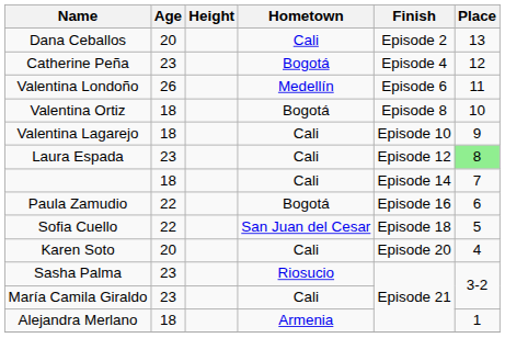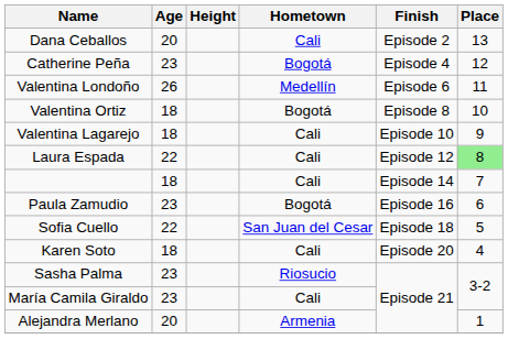 <table class="wikitable sortable" style="text-align:center;">
 <tr>
 <th>Name</th>
 <th>Age</th>
 <th>Height</th>
 <th>Hometown</th>
 <th>Finish</th>
 <th>Place</th>
 </tr>
 <tr>
 <td>Dana Ceballos</td>
 <td>20</td>
 <td></td>
 <td><a href='#'>Cali</a></td>
 <td>Episode 2</td>
 <td>13</td>
 </tr>
 <tr>
 <td>Catherine Peña</td>
 <td>23</td>
 <td></td>
 <td><a href='#'>Bogotá</a></td>
 <td>Episode 4</td>
 <td>12</td>
 </tr>
 <tr>
 <td>Valentina Londoño</td>
 <td>26</td>
 <td></td>
 <td><a href='#'>Medellín</a></td>
 <td>Episode 6</td>
 <td>11</td>
 </tr>
 <tr>
 <td>Valentina Ortiz</td>
 <td>18</td>
 <td></td>
 <td>Bogotá</td>
 <td>Episode 8</td>
 <td>10</td>
 </tr>
 <tr>
 <td>Valentina Lagarejo</td>
 <td>18</td>
 <td></td>
 <td>Cali</td>
 <td>Episode 10</td>
 <td>9</td>
 </tr>
 <tr>
 <td>Laura Espada</td>
-<td>23</td>
+<td>22</td>
 <td></td>
 <td>Cali</td>
 <td>Episode 12</td>
 <td style="background: lightgreen;">8</td>
 </tr>
 <tr>
 <td></td>
 <td>18</td>
 <td></td>
 <td>Cali</td>
 <td>Episode 14</td>
 <td>7</td>
 </tr>
 <tr>
 <td>Paula Zamudio</td>
-<td>22</td>
+<td>23</td>
 <td></td>
 <td>Bogotá</td>
 <td>Episode 16</td>
 <td>6</td>
 </tr>
 <tr>
 <td>Sofia Cuello</td>
 <td>22</td>
 <td></td>
 <td><a href='#'>San Juan del Cesar</a></td>
 <td>Episode 18</td>
 <td>5</td>
 </tr>
 <tr>
 <td>Karen Soto</td>
-<td>20</td>
+<td>18</td>
 <td></td>
 <td>Cali</td>
 <td>Episode 20</td>
 <td>4</td>
 </tr>
 <tr>
 <td>Sasha Palma</td>
 <td>23</td>
 <td></td>
 <td><a href='#'>Riosucio</a></td>
 <td rowspan=3>Episode 21</td>
 <td rowspan=2>3-2</td>
 </tr>
 <tr>
 <td>María Camila Giraldo</td>
 <td>23</td>
 <td></td>
 <td>Cali</td>
 </tr>
 <tr>
 <td>Alejandra Merlano</td>
-<td>18</td>
+<td>20</td>
 <td></td>
 <td><a href='#'>Armenia</a></td>
 <td>1</td>
 </tr>
 <tr>
 </tr>
 </table>
